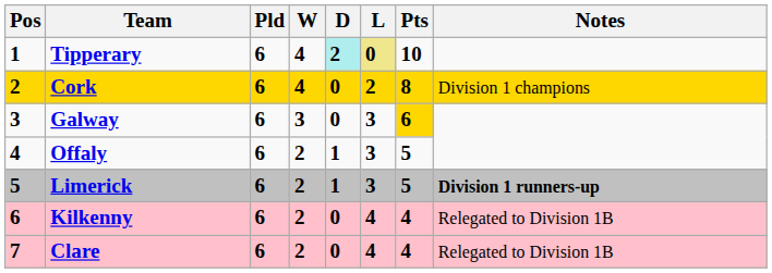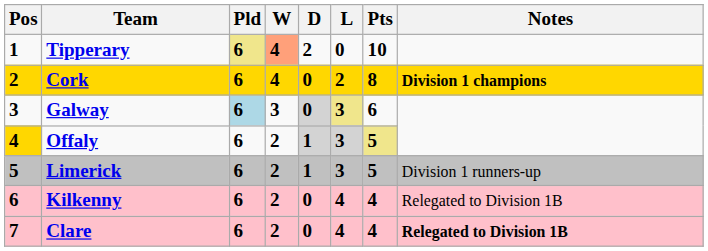 <table class="wikitable" style="text-align: centre;">
 <tr>
 <th width=20>Pos</th>
 <th width=150>Team</th>
 <th width=20>Pld</th>
 <th width=20>W</th>
 <th width=20>D</th>
 <th width=20>L</th>
 <th width=20>Pts</th>
 <th width=250>Notes</th>
 </tr>
 <tr style>
 <td><strong>1</strong></td>
 <td align=left><strong> <a href='#'>Tipperary</a> </strong></td>
-<td><strong>6</strong></td>
-<td><strong>4</strong></td>
-<td style="background: paleturquoise;"><strong>2</strong></td>
-<td style="background: khaki;"><strong>0</strong></td>
+<td style="background: khaki;"><strong>6</strong></td>
+<td style="background: lightsalmon;"><strong>4</strong></td>
+<td><strong>2</strong></td>
+<td><strong>0</strong></td>
 <td><strong>10</strong></td>
 </tr>
 <tr style="background:gold;">
 <td><strong>2</strong></td>
 <td align=left><strong> <a href='#'>Cork</a> </strong></td>
 <td><strong>6</strong></td>
 <td><strong>4</strong></td>
 <td><strong>0</strong></td>
 <td><strong>2</strong></td>
 <td><strong>8</strong></td>
-<td><small> Division 1 champions</small></td>
+<td><strong><small> Division 1 champions</small></strong></td>
 </tr>
 <tr style>
 <td><strong>3</strong></td>
 <td align=left><strong> <a href='#'>Galway</a> </strong></td>
+<td style="background: lightblue;"><strong>6</strong></td>
+<td><strong>3</strong></td>
+<td style="background: lightgrey;"><strong>0</strong></td>
+<td style="background: khaki;"><strong>3</strong></td>
 <td><strong>6</strong></td>
-<td><strong>3</strong></td>
-<td><strong>0</strong></td>
-<td><strong>3</strong></td>
-<td style="background: gold;"><strong>6</strong></td>
 </tr>
 <tr style>
-<td><strong>4</strong></td>
+<td style="background: gold;"><strong>4</strong></td>
 <td align=left><strong> <a href='#'>Offaly</a> </strong></td>
 <td><strong>6</strong></td>
 <td><strong>2</strong></td>
-<td><strong>1</strong></td>
-<td><strong>3</strong></td>
-<td><strong>5</strong></td>
+<td style="background: lightgrey;"><strong>1</strong></td>
+<td style="background: lightgrey;"><strong>3</strong></td>
+<td style="background: khaki;"><strong>5</strong></td>
 </tr>
 <tr style="background:silver;">
 <td><strong>5</strong></td>
 <td align=left><strong> <a href='#'>Limerick</a> </strong></td>
 <td><strong>6</strong></td>
 <td><strong>2</strong></td>
 <td><strong>1</strong></td>
 <td><strong>3</strong></td>
 <td><strong>5</strong></td>
-<td><strong><small> Division 1 runners-up</small></strong></td>
+<td><small> Division 1 runners-up</small></td>
 </tr>
 <tr style="background:#FFC0CB;">
 <td><strong>6</strong></td>
 <td align=left><strong> <a href='#'>Kilkenny</a> </strong></td>
 <td><strong>6</strong></td>
 <td><strong>2</strong></td>
 <td><strong>0</strong></td>
 <td><strong>4</strong></td>
 <td><strong>4</strong></td>
 <td><small> Relegated to Division 1B</small></td>
 </tr>
 <tr style="background:#FFC0CB;">
 <td><strong>7</strong></td>
 <td align=left><strong> <a href='#'>Clare</a> </strong></td>
 <td><strong>6</strong></td>
 <td><strong>2</strong></td>
 <td><strong>0</strong></td>
 <td><strong>4</strong></td>
 <td><strong>4</strong></td>
-<td><small> Relegated to Division 1B</small></td>
+<td><strong><small> Relegated to Division 1B</small></strong></td>
 </tr>
 </table>
